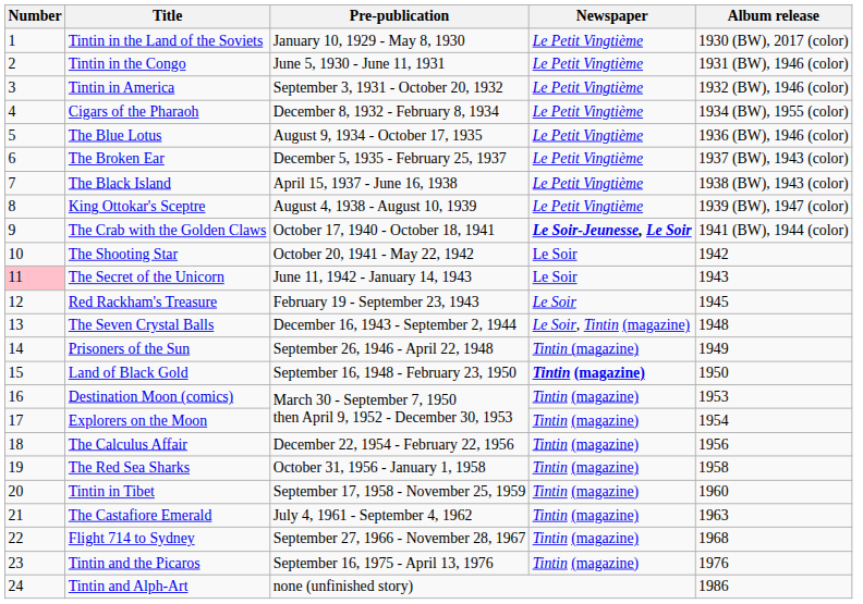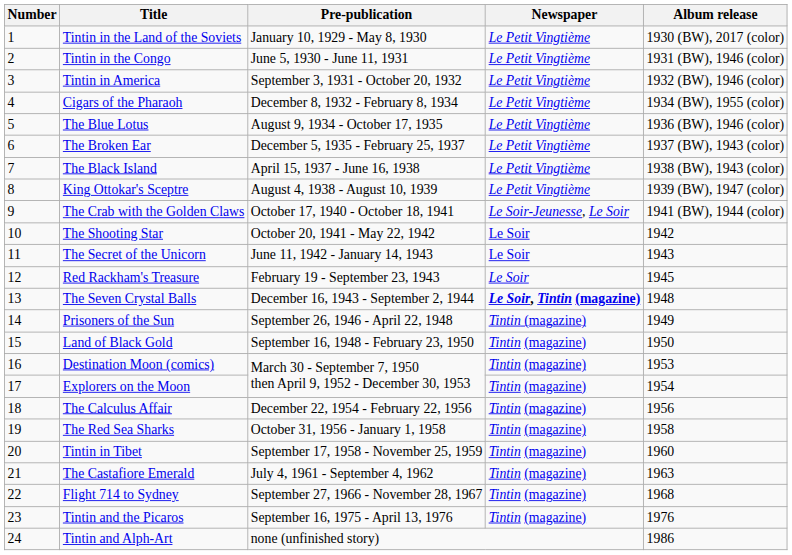 <table class="wikitable">
 <tr>
 <th>Number</th>
 <th>Title</th>
 <th>Pre-publication</th>
 <th>Newspaper</th>
 <th>Album release</th>
 </tr>
 <tr>
 <td>1</td>
 <td><a href='#'>Tintin in the Land of the Soviets</a></td>
 <td>January 10, 1929 - May 8, 1930</td>
 <td><em><a href='#'>Le Petit Vingtième</a></em></td>
 <td>1930 (BW), 2017 (color)</td>
 </tr>
 <tr>
 <td>2</td>
 <td><a href='#'>Tintin in the Congo</a></td>
 <td>June 5, 1930 - June 11, 1931</td>
 <td><em><a href='#'>Le Petit Vingtième</a></em></td>
 <td>1931 (BW), 1946 (color)</td>
 </tr>
 <tr>
 <td>3</td>
 <td><a href='#'>Tintin in America</a></td>
 <td>September 3, 1931 - October 20, 1932</td>
 <td><em><a href='#'>Le Petit Vingtième</a></em></td>
 <td>1932 (BW), 1946 (color)</td>
 </tr>
 <tr>
 <td>4</td>
 <td><a href='#'>Cigars of the Pharaoh</a></td>
 <td>December 8, 1932 - February 8, 1934</td>
 <td><em><a href='#'>Le Petit Vingtième</a></em></td>
 <td>1934 (BW), 1955 (color)</td>
 </tr>
 <tr>
 <td>5</td>
 <td><a href='#'>The Blue Lotus</a></td>
 <td>August 9, 1934 - October 17, 1935</td>
 <td><em><a href='#'>Le Petit Vingtième</a></em></td>
 <td>1936 (BW), 1946 (color)</td>
 </tr>
 <tr>
 <td>6</td>
 <td><a href='#'>The Broken Ear</a></td>
 <td>December 5, 1935 - February 25, 1937</td>
 <td><em><a href='#'>Le Petit Vingtième</a></em></td>
 <td>1937 (BW), 1943 (color)</td>
 </tr>
 <tr>
 <td>7</td>
 <td><a href='#'>The Black Island</a></td>
 <td>April 15, 1937 - June 16, 1938</td>
 <td><em><a href='#'>Le Petit Vingtième</a></em></td>
 <td>1938 (BW), 1943 (color)</td>
 </tr>
 <tr>
 <td>8</td>
 <td><a href='#'>King Ottokar's Sceptre</a></td>
 <td>August 4, 1938 - August 10, 1939</td>
 <td><em><a href='#'>Le Petit Vingtième</a></em></td>
 <td>1939 (BW), 1947 (color)</td>
 </tr>
 <tr>
 <td>9</td>
 <td><a href='#'>The Crab with the Golden Claws</a></td>
 <td>October 17, 1940 - October 18, 1941</td>
-<td><strong><em><a href='#'>Le Soir-Jeunesse</a>, <a href='#'>Le Soir</a></em></strong></td>
+<td><em><a href='#'>Le Soir-Jeunesse</a>, <a href='#'>Le Soir</a></em></td>
 <td>1941 (BW), 1944 (color)</td>
 </tr>
 <tr>
 <td>10</td>
 <td><a href='#'>The Shooting Star</a></td>
 <td>October 20, 1941 - May 22, 1942</td>
 <td><a href='#'>Le Soir</a></td>
 <td>1942</td>
 </tr>
 <tr>
-<td style="background: pink;">11</td>
+<td>11</td>
 <td><a href='#'>The Secret of the Unicorn</a></td>
 <td>June 11, 1942 - January 14, 1943</td>
 <td><a href='#'>Le Soir</a></td>
 <td>1943</td>
 </tr>
 <tr>
 <td>12</td>
 <td><a href='#'>Red Rackham's Treasure</a></td>
 <td>February 19 - September 23, 1943</td>
 <td><em><a href='#'>Le Soir</a></em></td>
 <td>1945</td>
 </tr>
 <tr>
 <td>13</td>
 <td><a href='#'>The Seven Crystal Balls</a></td>
 <td>December 16, 1943 - September 2, 1944</td>
-<td><em><a href='#'>Le Soir</a></em>, <em><a href='#'>Tintin</a></em> <a href='#'>(magazine)</a></td>
+<td><strong><em><a href='#'>Le Soir</a></em>, <em><a href='#'>Tintin</a></em> <a href='#'>(magazine)</a></strong></td>
 <td>1948</td>
 </tr>
 <tr>
 <td>14</td>
 <td><a href='#'>Prisoners of the Sun</a></td>
 <td>September 26, 1946 - April 22, 1948</td>
 <td><a href='#'><em>Tintin</em> (magazine)</a></td>
 <td>1949</td>
 </tr>
 <tr>
 <td>15</td>
 <td><a href='#'>Land of Black Gold</a></td>
 <td>September 16, 1948 - February 23, 1950</td>
-<td><strong><em><a href='#'>Tintin</a></em> <a href='#'>(magazine)</a></strong></td>
+<td><em><a href='#'>Tintin</a></em> <a href='#'>(magazine)</a></td>
 <td>1950</td>
 </tr>
 <tr>
 <td>16</td>
 <td><a href='#'>Destination Moon (comics)</a></td>
 <td rowspan="2">March 30 - September 7, 1950<br>then April 9, 1952 - December 30, 1953</td>
 <td><em><a href='#'>Tintin</a></em> <a href='#'>(magazine)</a></td>
 <td>1953</td>
 </tr>
 <tr>
 <td>17</td>
 <td><a href='#'>Explorers on the Moon</a></td>
 <td><em><a href='#'>Tintin</a></em> <a href='#'>(magazine)</a></td>
 <td>1954</td>
 </tr>
 <tr>
 <td>18</td>
 <td><a href='#'>The Calculus Affair</a></td>
 <td>December 22, 1954 - February 22, 1956</td>
 <td><em><a href='#'>Tintin</a></em> <a href='#'>(magazine)</a></td>
 <td>1956</td>
 </tr>
 <tr>
 <td>19</td>
 <td><a href='#'>The Red Sea Sharks</a></td>
 <td>October 31, 1956 - January 1, 1958</td>
 <td><em><a href='#'>Tintin</a></em> <a href='#'>(magazine)</a></td>
 <td>1958</td>
 </tr>
 <tr>
 <td>20</td>
 <td><a href='#'>Tintin in Tibet</a></td>
 <td>September 17, 1958 - November 25, 1959</td>
 <td><em><a href='#'>Tintin</a></em> <a href='#'>(magazine)</a></td>
 <td>1960</td>
 </tr>
 <tr>
 <td>21</td>
 <td><a href='#'>The Castafiore Emerald</a></td>
 <td>July 4, 1961 - September 4, 1962</td>
 <td><em><a href='#'>Tintin</a></em> <a href='#'>(magazine)</a></td>
 <td>1963</td>
 </tr>
 <tr>
 <td>22</td>
 <td><a href='#'>Flight 714 to Sydney</a></td>
 <td>September 27, 1966 - November 28, 1967</td>
 <td><em><a href='#'>Tintin</a></em> <a href='#'>(magazine)</a></td>
 <td>1968</td>
 </tr>
 <tr>
 <td>23</td>
 <td><a href='#'>Tintin and the Picaros</a></td>
 <td>September 16, 1975 - April 13, 1976</td>
 <td><em><a href='#'>Tintin</a></em> <a href='#'>(magazine)</a></td>
 <td>1976</td>
 </tr>
 <tr>
 <td>24</td>
 <td><a href='#'>Tintin and Alph-Art</a></td>
 <td colspan="2">none (unfinished story)</td>
 <td>1986</td>
 </tr>
 </table>
